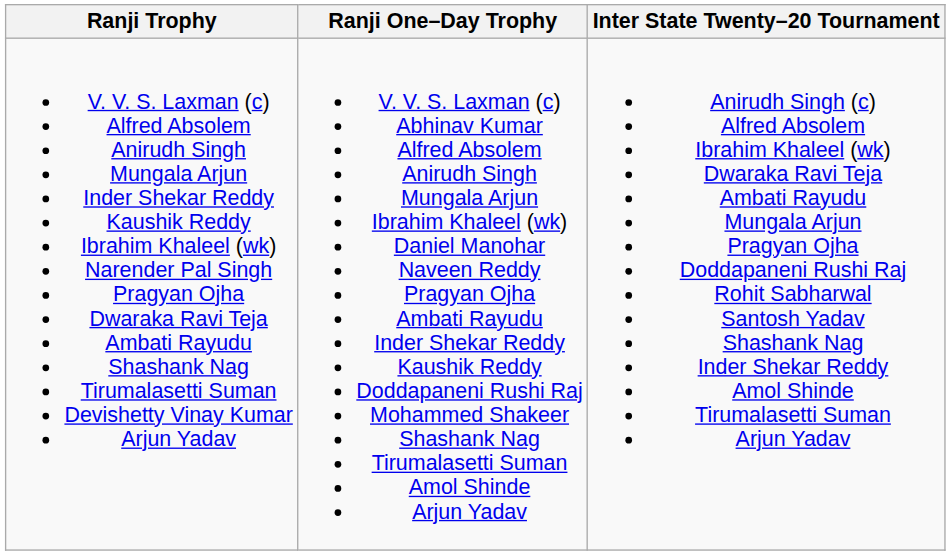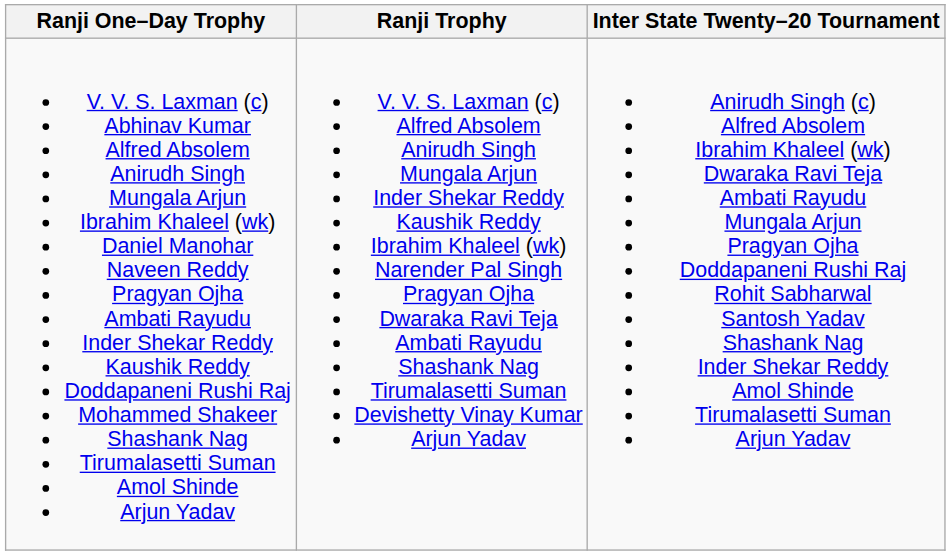 <table class="wikitable" style="text-align:center; margin:auto">
 <tr>
+<th>Ranji One–Day Trophy</th>
 <th>Ranji Trophy</th>
-<th>Ranji One–Day Trophy</th>
 <th>Inter State Twenty–20 Tournament</th>
 </tr>
 <tr style="vertical-align:top">
+<td><br><ul><li><a href='#'>V. V. S. Laxman</a> (<a href='#'>c</a>)</li><li><a href='#'>Abhinav Kumar</a></li><li><a href='#'>Alfred Absolem</a></li><li><a href='#'>Anirudh Singh</a></li><li><a href='#'>Mungala Arjun</a></li><li><a href='#'>Ibrahim Khaleel</a> (<a href='#'>wk</a>)</li><li><a href='#'>Daniel Manohar</a></li><li><a href='#'>Naveen Reddy</a></li><li><a href='#'>Pragyan Ojha</a></li><li><a href='#'>Ambati Rayudu</a></li><li><a href='#'>Inder Shekar Reddy</a></li><li><a href='#'>Kaushik Reddy</a></li><li><a href='#'>Doddapaneni Rushi Raj</a></li><li><a href='#'>Mohammed Shakeer</a></li><li><a href='#'>Shashank Nag</a></li><li><a href='#'>Tirumalasetti Suman</a></li><li><a href='#'>Amol Shinde</a></li><li><a href='#'>Arjun Yadav</a></li></ul></td>
 <td><br><ul><li><a href='#'>V. V. S. Laxman</a> (<a href='#'>c</a>)</li><li><a href='#'>Alfred Absolem</a></li><li><a href='#'>Anirudh Singh</a></li><li><a href='#'>Mungala Arjun</a></li><li><a href='#'>Inder Shekar Reddy</a></li><li><a href='#'>Kaushik Reddy</a></li><li><a href='#'>Ibrahim Khaleel</a> (<a href='#'>wk</a>)</li><li><a href='#'>Narender Pal Singh</a></li><li><a href='#'>Pragyan Ojha</a></li><li><a href='#'>Dwaraka Ravi Teja</a></li><li><a href='#'>Ambati Rayudu</a></li><li><a href='#'>Shashank Nag</a></li><li><a href='#'>Tirumalasetti Suman</a></li><li><a href='#'>Devishetty Vinay Kumar</a></li><li><a href='#'>Arjun Yadav</a></li></ul></td>
-<td><br><ul><li><a href='#'>V. V. S. Laxman</a> (<a href='#'>c</a>)</li><li><a href='#'>Abhinav Kumar</a></li><li><a href='#'>Alfred Absolem</a></li><li><a href='#'>Anirudh Singh</a></li><li><a href='#'>Mungala Arjun</a></li><li><a href='#'>Ibrahim Khaleel</a> (<a href='#'>wk</a>)</li><li><a href='#'>Daniel Manohar</a></li><li><a href='#'>Naveen Reddy</a></li><li><a href='#'>Pragyan Ojha</a></li><li><a href='#'>Ambati Rayudu</a></li><li><a href='#'>Inder Shekar Reddy</a></li><li><a href='#'>Kaushik Reddy</a></li><li><a href='#'>Doddapaneni Rushi Raj</a></li><li><a href='#'>Mohammed Shakeer</a></li><li><a href='#'>Shashank Nag</a></li><li><a href='#'>Tirumalasetti Suman</a></li><li><a href='#'>Amol Shinde</a></li><li><a href='#'>Arjun Yadav</a></li></ul></td>
 <td><br><ul><li><a href='#'>Anirudh Singh</a> (<a href='#'>c</a>)</li><li><a href='#'>Alfred Absolem</a></li><li><a href='#'>Ibrahim Khaleel</a> (<a href='#'>wk</a>)</li><li><a href='#'>Dwaraka Ravi Teja</a></li><li><a href='#'>Ambati Rayudu</a></li><li><a href='#'>Mungala Arjun</a></li><li><a href='#'>Pragyan Ojha</a></li><li><a href='#'>Doddapaneni Rushi Raj</a></li><li><a href='#'>Rohit Sabharwal</a></li><li><a href='#'>Santosh Yadav</a></li><li><a href='#'>Shashank Nag</a></li><li><a href='#'>Inder Shekar Reddy</a></li><li><a href='#'>Amol Shinde</a></li><li><a href='#'>Tirumalasetti Suman</a></li><li><a href='#'>Arjun Yadav</a></li></ul></td>
 </tr>
 </table>
